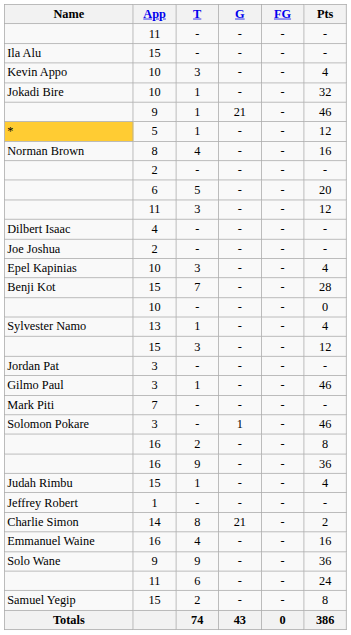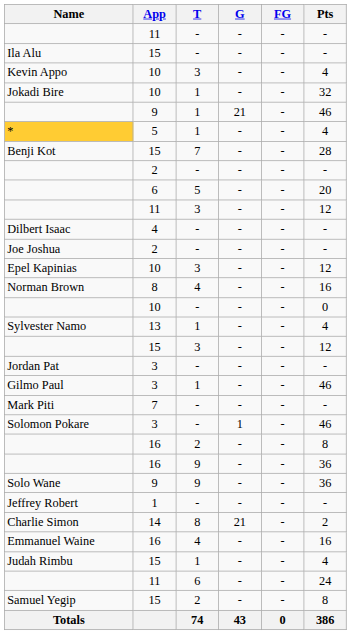 <table class="wikitable sortable" style="text-align: center;">
 <tr>
 <th style="width:10em">Name</th>
 <th style="width:3em"><a href='#'>App</a></th>
 <th style="width:3em"><a href='#'>T</a></th>
 <th style="width:3em"><a href='#'>G</a></th>
 <th style="width:3em"><a href='#'>FG</a></th>
 <th style="width:3em">Pts</th>
 </tr>
 <tr>
 <td style="text-align:left;"></td>
 <td>11</td>
 <td>-</td>
 <td>-</td>
 <td>-</td>
 <td>-</td>
 </tr>
 <tr>
 <td style="text-align:left;">Ila Alu</td>
 <td>15</td>
 <td>-</td>
 <td>-</td>
 <td>-</td>
 <td>-</td>
 </tr>
 <tr>
 <td style="text-align:left;">Kevin Appo</td>
 <td>10</td>
 <td>3</td>
 <td>-</td>
 <td>-</td>
 <td>4</td>
 </tr>
 <tr>
 <td style="text-align:left;">Jokadi Bire</td>
 <td>10</td>
 <td>1</td>
 <td>-</td>
 <td>-</td>
 <td>32</td>
 </tr>
 <tr>
 <td style="text-align:left;"></td>
 <td>9</td>
 <td>1</td>
 <td>21</td>
 <td>-</td>
 <td>46</td>
 </tr>
 <tr>
 <td style="text-align:left; background:#FC3;">*</td>
 <td>5</td>
 <td>1</td>
 <td>-</td>
 <td>-</td>
-<td>12</td>
+<td>4</td>
 </tr>
 <tr>
-<td style="text-align:left;">Norman Brown</td>
-<td>8</td>
-<td>4</td>
+<td style="text-align:left;">Benji Kot</td>
+<td>15</td>
+<td>7</td>
 <td>-</td>
 <td>-</td>
-<td>16</td>
+<td>28</td>
 </tr>
 <tr>
 <td style="text-align:left;"></td>
 <td>2</td>
 <td>-</td>
 <td>-</td>
 <td>-</td>
 <td>-</td>
 </tr>
 <tr>
 <td style="text-align:left;"></td>
 <td>6</td>
 <td>5</td>
 <td>-</td>
 <td>-</td>
 <td>20</td>
 </tr>
 <tr>
 <td style="text-align:left;"></td>
 <td>11</td>
 <td>3</td>
 <td>-</td>
 <td>-</td>
 <td>12</td>
 </tr>
 <tr>
 <td style="text-align:left;">Dilbert Isaac</td>
 <td>4</td>
 <td>-</td>
 <td>-</td>
 <td>-</td>
 <td>-</td>
 </tr>
 <tr>
 <td style="text-align:left;">Joe Joshua</td>
 <td>2</td>
 <td>-</td>
 <td>-</td>
 <td>-</td>
 <td>-</td>
 </tr>
 <tr>
 <td style="text-align:left;">Epel Kapinias</td>
 <td>10</td>
 <td>3</td>
 <td>-</td>
 <td>-</td>
-<td>4</td>
+<td>12</td>
 </tr>
 <tr>
-<td style="text-align:left;">Benji Kot</td>
-<td>15</td>
-<td>7</td>
+<td style="text-align:left;">Norman Brown</td>
+<td>8</td>
+<td>4</td>
 <td>-</td>
 <td>-</td>
-<td>28</td>
+<td>16</td>
 </tr>
 <tr>
 <td style="text-align:left;"></td>
 <td>10</td>
 <td>-</td>
 <td>-</td>
 <td>-</td>
 <td>0</td>
 </tr>
 <tr>
 <td style="text-align:left;">Sylvester Namo</td>
 <td>13</td>
 <td>1</td>
 <td>-</td>
 <td>-</td>
 <td>4</td>
 </tr>
 <tr>
 <td style="text-align:left;"></td>
 <td>15</td>
 <td>3</td>
 <td>-</td>
 <td>-</td>
 <td>12</td>
 </tr>
 <tr>
 <td style="text-align:left;">Jordan Pat</td>
 <td>3</td>
 <td>-</td>
 <td>-</td>
 <td>-</td>
 <td>-</td>
 </tr>
 <tr>
 <td style="text-align:left;">Gilmo Paul</td>
 <td>3</td>
 <td>1</td>
 <td>-</td>
 <td>-</td>
 <td>46</td>
 </tr>
 <tr>
 <td style="text-align:left;">Mark Piti</td>
 <td>7</td>
 <td>-</td>
 <td>-</td>
 <td>-</td>
 <td>-</td>
 </tr>
 <tr>
 <td style="text-align:left;">Solomon Pokare</td>
 <td>3</td>
 <td>-</td>
 <td>1</td>
 <td>-</td>
 <td>46</td>
 </tr>
 <tr>
 <td style="text-align:left;"></td>
 <td>16</td>
 <td>2</td>
 <td>-</td>
 <td>-</td>
 <td>8</td>
 </tr>
 <tr>
 <td style="text-align:left;"></td>
 <td>16</td>
 <td>9</td>
 <td>-</td>
 <td>-</td>
 <td>36</td>
 </tr>
 <tr>
-<td style="text-align:left;">Judah Rimbu</td>
-<td>15</td>
-<td>1</td>
+<td style="text-align:left;">Solo Wane</td>
+<td>9</td>
+<td>9</td>
 <td>-</td>
 <td>-</td>
-<td>4</td>
+<td>36</td>
 </tr>
 <tr>
 <td style="text-align:left;">Jeffrey Robert</td>
 <td>1</td>
 <td>-</td>
 <td>-</td>
 <td>-</td>
 <td>-</td>
 </tr>
 <tr>
 <td style="text-align:left;">Charlie Simon</td>
 <td>14</td>
 <td>8</td>
 <td>21</td>
 <td>-</td>
 <td>2</td>
 </tr>
 <tr>
 <td style="text-align:left;">Emmanuel Waine</td>
 <td>16</td>
 <td>4</td>
 <td>-</td>
 <td>-</td>
 <td>16</td>
 </tr>
 <tr>
-<td style="text-align:left;">Solo Wane</td>
-<td>9</td>
-<td>9</td>
+<td style="text-align:left;">Judah Rimbu</td>
+<td>15</td>
+<td>1</td>
 <td>-</td>
 <td>-</td>
-<td>36</td>
+<td>4</td>
 </tr>
 <tr>
 <td style="text-align:left;"></td>
 <td>11</td>
 <td>6</td>
 <td>-</td>
 <td>-</td>
 <td>24</td>
 </tr>
 <tr>
 <td style="text-align:left;">Samuel Yegip</td>
 <td>15</td>
 <td>2</td>
 <td>-</td>
 <td>-</td>
 <td>8</td>
 </tr>
 <tr class="sortbottom">
 <th>Totals</th>
 <th></th>
 <th>74</th>
 <th>43</th>
 <th>0</th>
 <th>386</th>
 </tr>
 </table>
